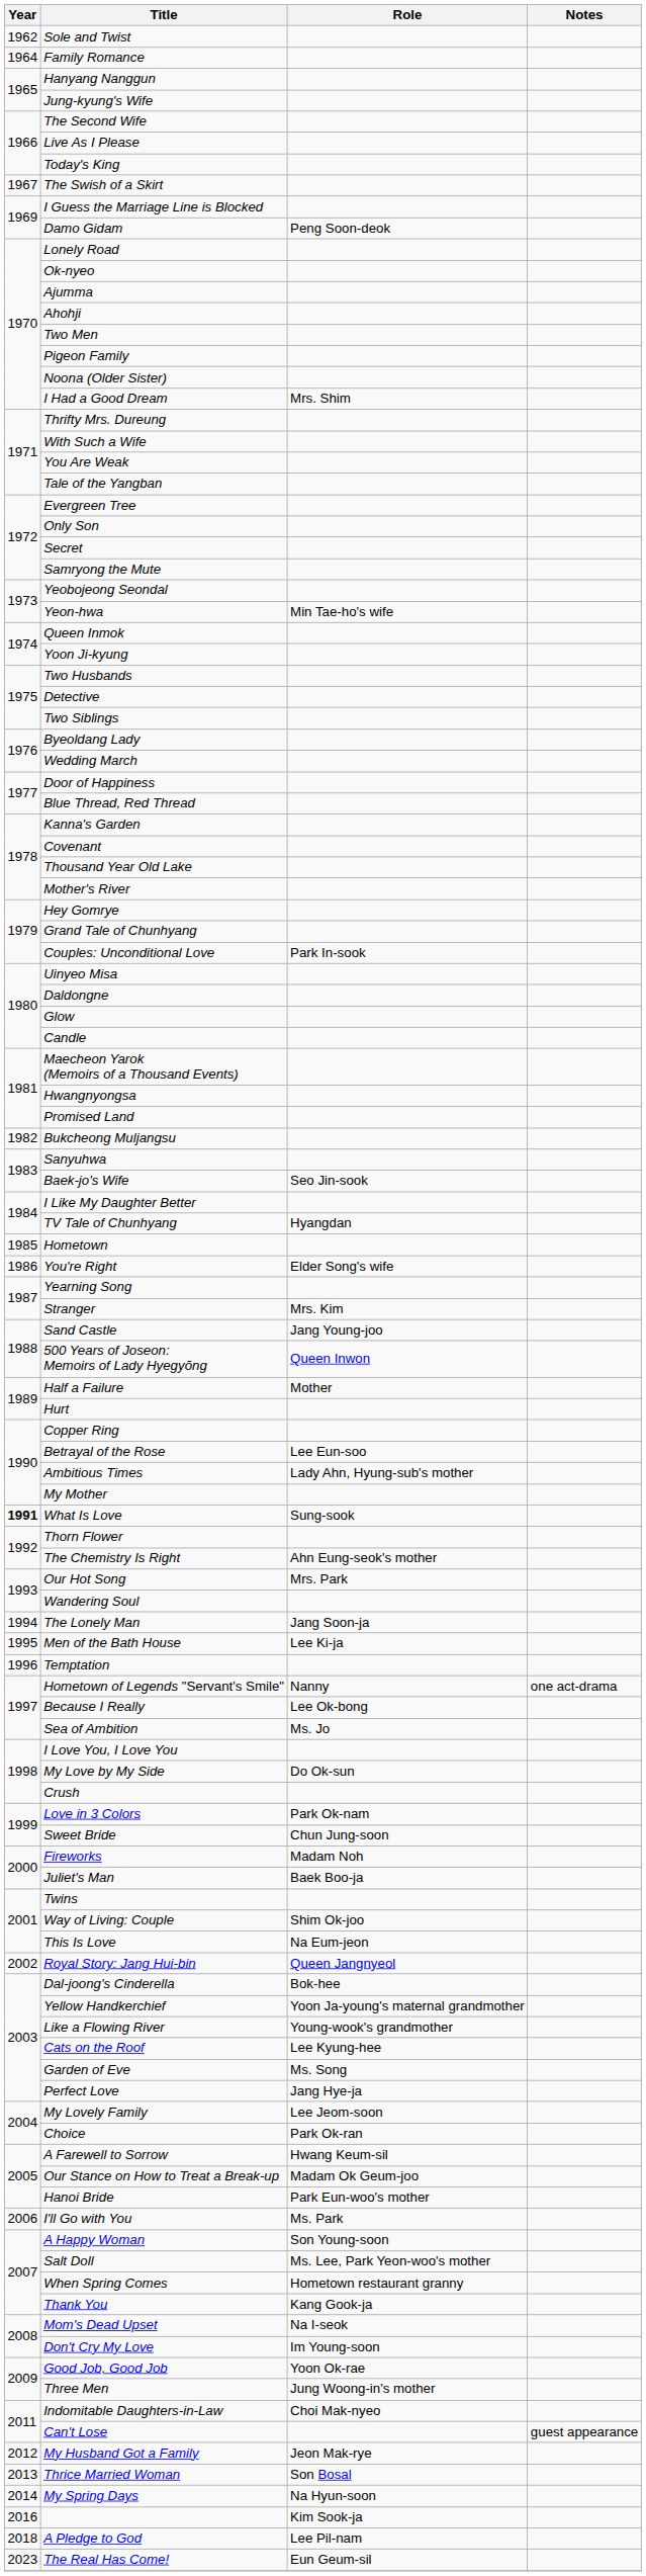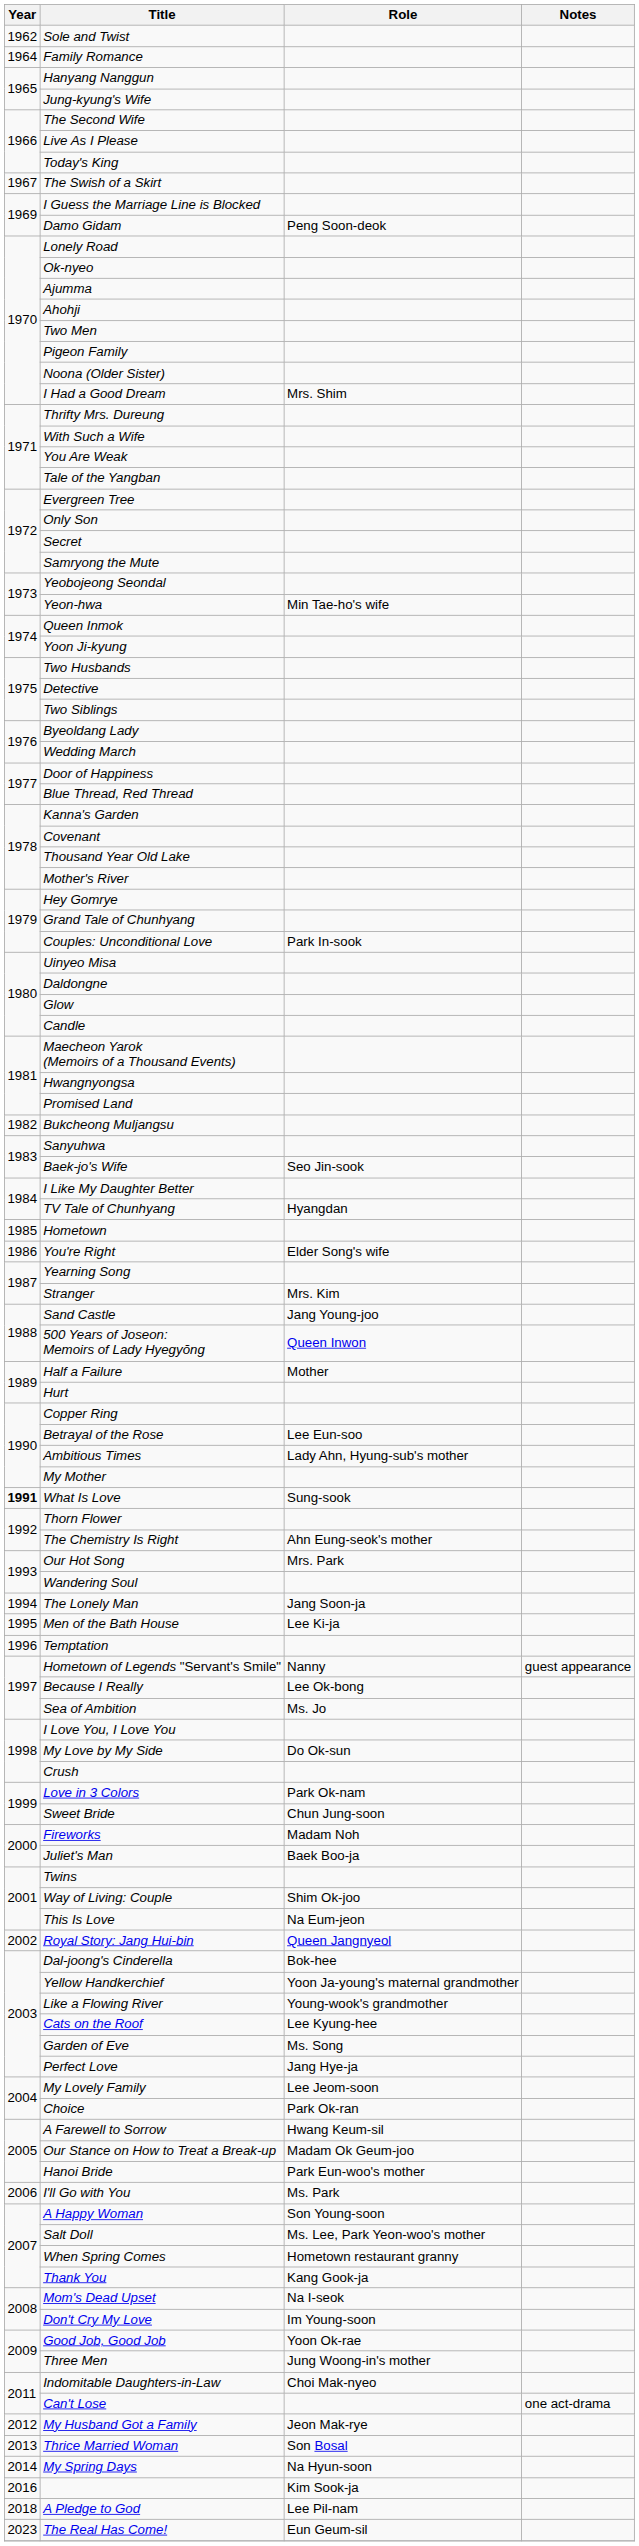 <table class="wikitable">
 <tr>
 <th>Year</th>
 <th>Title</th>
 <th>Role</th>
 <th>Notes</th>
 </tr>
 <tr>
 <td>1962</td>
 <td><em>Sole and Twist</em></td>
 <td></td>
 <td></td>
 </tr>
 <tr>
 <td>1964</td>
 <td><em>Family Romance</em></td>
 <td></td>
 <td></td>
 </tr>
 <tr>
 <td rowspan=2>1965</td>
 <td><em>Hanyang Nanggun</em></td>
 <td></td>
 <td></td>
 </tr>
 <tr>
 <td><em>Jung-kyung's Wife</em></td>
 <td></td>
 <td></td>
 </tr>
 <tr>
 <td rowspan=3>1966</td>
 <td><em>The Second Wife</em></td>
 <td></td>
 <td></td>
 </tr>
 <tr>
 <td><em>Live As I Please</em></td>
 <td></td>
 <td></td>
 </tr>
 <tr>
 <td><em>Today's King</em></td>
 <td></td>
 <td></td>
 </tr>
 <tr>
 <td>1967</td>
 <td><em>The Swish of a Skirt</em></td>
 <td></td>
 <td></td>
 </tr>
 <tr>
 <td rowspan=2>1969</td>
 <td><em>I Guess the Marriage Line is Blocked</em></td>
 <td></td>
 <td></td>
 </tr>
 <tr>
 <td><em>Damo Gidam</em></td>
 <td>Peng Soon-deok</td>
 <td></td>
 </tr>
 <tr>
 <td rowspan=8>1970</td>
 <td><em>Lonely Road</em></td>
 <td></td>
 <td></td>
 </tr>
 <tr>
 <td><em>Ok-nyeo</em></td>
 <td></td>
 <td></td>
 </tr>
 <tr>
 <td><em>Ajumma</em></td>
 <td></td>
 <td></td>
 </tr>
 <tr>
 <td><em>Ahohji</em></td>
 <td></td>
 <td></td>
 </tr>
 <tr>
 <td><em>Two Men</em></td>
 <td></td>
 <td></td>
 </tr>
 <tr>
 <td><em>Pigeon Family</em></td>
 <td></td>
 <td></td>
 </tr>
 <tr>
 <td><em>Noona (Older Sister)</em></td>
 <td></td>
 <td></td>
 </tr>
 <tr>
 <td><em>I Had a Good Dream</em></td>
 <td>Mrs. Shim</td>
 <td></td>
 </tr>
 <tr>
 <td rowspan=4>1971</td>
 <td><em>Thrifty Mrs. Dureung</em></td>
 <td></td>
 <td></td>
 </tr>
 <tr>
 <td><em>With Such a Wife</em></td>
 <td></td>
 <td></td>
 </tr>
 <tr>
 <td><em>You Are Weak</em></td>
 <td></td>
 <td></td>
 </tr>
 <tr>
 <td><em>Tale of the Yangban</em></td>
 <td></td>
 <td></td>
 </tr>
 <tr>
 <td rowspan=4>1972</td>
 <td><em>Evergreen Tree</em></td>
 <td></td>
 <td></td>
 </tr>
 <tr>
 <td><em>Only Son</em></td>
 <td></td>
 <td></td>
 </tr>
 <tr>
 <td><em>Secret</em></td>
 <td></td>
 <td></td>
 </tr>
 <tr>
 <td><em>Samryong the Mute</em></td>
 <td></td>
 <td></td>
 </tr>
 <tr>
 <td rowspan=2>1973</td>
 <td><em>Yeobojeong Seondal</em></td>
 <td></td>
 <td></td>
 </tr>
 <tr>
 <td><em>Yeon-hwa</em></td>
 <td>Min Tae-ho's wife</td>
 <td></td>
 </tr>
 <tr>
 <td rowspan=2>1974</td>
 <td><em>Queen Inmok</em></td>
 <td></td>
 <td></td>
 </tr>
 <tr>
 <td><em>Yoon Ji-kyung</em></td>
 <td></td>
 <td></td>
 </tr>
 <tr>
 <td rowspan=3>1975</td>
 <td><em>Two Husbands</em></td>
 <td></td>
 <td></td>
 </tr>
 <tr>
 <td><em>Detective</em></td>
 <td></td>
 <td></td>
 </tr>
 <tr>
 <td><em>Two Siblings</em></td>
 <td></td>
 <td></td>
 </tr>
 <tr>
 <td rowspan=2>1976</td>
 <td><em>Byeoldang Lady</em></td>
 <td></td>
 <td></td>
 </tr>
 <tr>
 <td><em>Wedding March</em></td>
 <td></td>
 <td></td>
 </tr>
 <tr>
 <td rowspan=2>1977</td>
 <td><em>Door of Happiness</em></td>
 <td></td>
 <td></td>
 </tr>
 <tr>
 <td><em>Blue Thread, Red Thread</em></td>
 <td></td>
 <td></td>
 </tr>
 <tr>
 <td rowspan=4>1978</td>
 <td><em>Kanna's Garden</em></td>
 <td></td>
 <td></td>
 </tr>
 <tr>
 <td><em>Covenant</em></td>
 <td></td>
 <td></td>
 </tr>
 <tr>
 <td><em>Thousand Year Old Lake</em></td>
 <td></td>
 <td></td>
 </tr>
 <tr>
 <td><em>Mother's River</em></td>
 <td></td>
 <td></td>
 </tr>
 <tr>
 <td rowspan=3>1979</td>
 <td><em>Hey Gomrye</em></td>
 <td></td>
 <td></td>
 </tr>
 <tr>
 <td><em>Grand Tale of Chunhyang</em></td>
 <td></td>
 <td></td>
 </tr>
 <tr>
 <td><em>Couples: Unconditional Love</em></td>
 <td>Park In-sook</td>
 <td></td>
 </tr>
 <tr>
 <td rowspan=4>1980</td>
 <td><em>Uinyeo Misa</em></td>
 <td></td>
 <td></td>
 </tr>
 <tr>
 <td><em>Daldongne</em></td>
 <td></td>
 <td></td>
 </tr>
 <tr>
 <td><em>Glow</em></td>
 <td></td>
 <td></td>
 </tr>
 <tr>
 <td><em>Candle</em></td>
 <td></td>
 <td></td>
 </tr>
 <tr>
 <td rowspan=3>1981</td>
 <td><em>Maecheon Yarok <br> (Memoirs of a Thousand Events)</em></td>
 <td></td>
 <td></td>
 </tr>
 <tr>
 <td><em>Hwangnyongsa</em></td>
 <td></td>
 <td></td>
 </tr>
 <tr>
 <td><em>Promised Land</em></td>
 <td></td>
 <td></td>
 </tr>
 <tr>
 <td>1982</td>
 <td><em>Bukcheong Muljangsu</em></td>
 <td></td>
 <td></td>
 </tr>
 <tr>
 <td rowspan=2>1983</td>
 <td><em>Sanyuhwa</em></td>
 <td></td>
 <td></td>
 </tr>
 <tr>
 <td><em>Baek-jo's Wife</em></td>
 <td>Seo Jin-sook</td>
 <td></td>
 </tr>
 <tr>
 <td rowspan=2>1984</td>
 <td><em>I Like My Daughter Better</em></td>
 <td></td>
 <td></td>
 </tr>
 <tr>
 <td><em>TV Tale of Chunhyang</em></td>
 <td>Hyangdan</td>
 <td></td>
 </tr>
 <tr>
 <td>1985</td>
 <td><em>Hometown</em></td>
 <td></td>
 <td></td>
 </tr>
 <tr>
 <td>1986</td>
 <td><em>You're Right</em></td>
 <td>Elder Song's wife</td>
 <td></td>
 </tr>
 <tr>
 <td rowspan=2>1987</td>
 <td><em>Yearning Song</em></td>
 <td></td>
 <td></td>
 </tr>
 <tr>
 <td><em>Stranger</em></td>
 <td>Mrs. Kim</td>
 <td></td>
 </tr>
 <tr>
 <td rowspan=2>1988</td>
 <td><em>Sand Castle</em></td>
 <td>Jang Young-joo</td>
 <td></td>
 </tr>
 <tr>
 <td><em>500 Years of Joseon: <br> Memoirs of Lady Hyegyŏng</em></td>
 <td><a href='#'>Queen Inwon</a></td>
 <td></td>
 </tr>
 <tr>
 <td rowspan=2>1989</td>
 <td><em>Half a Failure</em></td>
 <td>Mother</td>
 <td></td>
 </tr>
 <tr>
 <td><em>Hurt</em></td>
 <td></td>
 <td></td>
 </tr>
 <tr>
 <td rowspan=4>1990</td>
 <td><em>Copper Ring</em></td>
 <td></td>
 <td></td>
 </tr>
 <tr>
 <td><em>Betrayal of the Rose</em></td>
 <td>Lee Eun-soo</td>
 <td></td>
 </tr>
 <tr>
 <td><em>Ambitious Times</em></td>
 <td>Lady Ahn, Hyung-sub's mother</td>
 <td></td>
 </tr>
 <tr>
 <td><em>My Mother</em></td>
 <td></td>
 <td></td>
 </tr>
 <tr>
 <td><strong>1991</strong></td>
 <td><em>What Is Love</em></td>
 <td>Sung-sook</td>
 <td></td>
 </tr>
 <tr>
 <td rowspan=2>1992</td>
 <td><em>Thorn Flower</em></td>
 <td></td>
 <td></td>
 </tr>
 <tr>
 <td><em>The Chemistry Is Right</em></td>
 <td>Ahn Eung-seok's mother</td>
 <td></td>
 </tr>
 <tr>
 <td rowspan=2>1993</td>
 <td><em>Our Hot Song</em></td>
 <td>Mrs. Park</td>
 <td></td>
 </tr>
 <tr>
 <td><em>Wandering Soul</em></td>
 <td></td>
 <td></td>
 </tr>
 <tr>
 <td>1994</td>
 <td><em>The Lonely Man</em></td>
 <td>Jang Soon-ja</td>
 <td></td>
 </tr>
 <tr>
 <td>1995</td>
 <td><em>Men of the Bath House</em></td>
 <td>Lee Ki-ja</td>
 <td></td>
 </tr>
 <tr>
 <td>1996</td>
 <td><em>Temptation</em></td>
 <td></td>
 <td></td>
 </tr>
 <tr>
 <td rowspan=3>1997</td>
 <td><em>Hometown of Legends</em> "Servant's Smile"</td>
 <td>Nanny</td>
-<td>one act-drama</td>
+<td>guest appearance</td>
 </tr>
 <tr>
 <td><em>Because I Really</em></td>
 <td>Lee Ok-bong</td>
 <td></td>
 </tr>
 <tr>
 <td><em>Sea of Ambition</em></td>
 <td>Ms. Jo</td>
 <td></td>
 </tr>
 <tr>
 <td rowspan=3>1998</td>
 <td><em>I Love You, I Love You</em></td>
 <td></td>
 <td></td>
 </tr>
 <tr>
 <td><em>My Love by My Side</em></td>
 <td>Do Ok-sun</td>
 <td></td>
 </tr>
 <tr>
 <td><em>Crush</em></td>
 <td></td>
 <td></td>
 </tr>
 <tr>
 <td rowspan=2>1999</td>
 <td><em><a href='#'>Love in 3 Colors</a></em></td>
 <td>Park Ok-nam</td>
 <td></td>
 </tr>
 <tr>
 <td><em>Sweet Bride</em></td>
 <td>Chun Jung-soon</td>
 <td></td>
 </tr>
 <tr>
 <td rowspan=2>2000</td>
 <td><em><a href='#'>Fireworks</a></em></td>
 <td>Madam Noh</td>
 <td></td>
 </tr>
 <tr>
 <td><em>Juliet's Man</em></td>
 <td>Baek Boo-ja</td>
 <td></td>
 </tr>
 <tr>
 <td rowspan=3>2001</td>
 <td><em>Twins</em></td>
 <td></td>
 <td></td>
 </tr>
 <tr>
 <td><em>Way of Living: Couple</em></td>
 <td>Shim Ok-joo</td>
 <td></td>
 </tr>
 <tr>
 <td><em>This Is Love</em></td>
 <td>Na Eum-jeon</td>
 <td></td>
 </tr>
 <tr>
 <td>2002</td>
 <td><em><a href='#'>Royal Story: Jang Hui-bin</a></em></td>
 <td><a href='#'>Queen Jangnyeol</a></td>
 <td></td>
 </tr>
 <tr>
 <td rowspan=6>2003</td>
 <td><em>Dal-joong's Cinderella</em></td>
 <td>Bok-hee</td>
 <td></td>
 </tr>
 <tr>
 <td><em>Yellow Handkerchief</em></td>
 <td>Yoon Ja-young's maternal grandmother</td>
 <td></td>
 </tr>
 <tr>
 <td><em>Like a Flowing River</em></td>
 <td>Young-wook's grandmother</td>
 <td></td>
 </tr>
 <tr>
 <td><em><a href='#'>Cats on the Roof</a></em></td>
 <td>Lee Kyung-hee</td>
 <td></td>
 </tr>
 <tr>
 <td><em>Garden of Eve</em></td>
 <td>Ms. Song</td>
 <td></td>
 </tr>
 <tr>
 <td><em>Perfect Love</em></td>
 <td>Jang Hye-ja</td>
 <td></td>
 </tr>
 <tr>
 <td rowspan=2>2004</td>
 <td><em>My Lovely Family</em></td>
 <td>Lee Jeom-soon</td>
 <td></td>
 </tr>
 <tr>
 <td><em>Choice</em></td>
 <td>Park Ok-ran</td>
 <td></td>
 </tr>
 <tr>
 <td rowspan=3>2005</td>
 <td><em>A Farewell to Sorrow</em></td>
 <td>Hwang Keum-sil</td>
 <td></td>
 </tr>
 <tr>
 <td><em>Our Stance on How to Treat a Break-up</em></td>
 <td>Madam Ok Geum-joo</td>
 <td></td>
 </tr>
 <tr>
 <td><em>Hanoi Bride</em></td>
 <td>Park Eun-woo's mother</td>
 <td></td>
 </tr>
 <tr>
 <td>2006</td>
 <td><em>I'll Go with You</em></td>
 <td>Ms. Park</td>
 <td></td>
 </tr>
 <tr>
 <td rowspan=4>2007</td>
 <td><em><a href='#'>A Happy Woman</a></em></td>
 <td>Son Young-soon</td>
 <td></td>
 </tr>
 <tr>
 <td><em>Salt Doll</em></td>
 <td>Ms. Lee, Park Yeon-woo's mother</td>
 <td></td>
 </tr>
 <tr>
 <td><em>When Spring Comes</em></td>
 <td>Hometown restaurant granny</td>
 <td></td>
 </tr>
 <tr>
 <td><em><a href='#'>Thank You</a></em></td>
 <td>Kang Gook-ja</td>
 <td></td>
 </tr>
 <tr>
 <td rowspan=2>2008</td>
 <td><em><a href='#'>Mom's Dead Upset</a></em></td>
 <td>Na I-seok</td>
 <td></td>
 </tr>
 <tr>
 <td><em><a href='#'>Don't Cry My Love</a></em></td>
 <td>Im Young-soon</td>
 <td></td>
 </tr>
 <tr>
 <td rowspan=2>2009</td>
 <td><em><a href='#'>Good Job, Good Job</a></em></td>
 <td>Yoon Ok-rae</td>
 <td></td>
 </tr>
 <tr>
 <td><em>Three Men</em></td>
 <td>Jung Woong-in's mother</td>
 <td></td>
 </tr>
 <tr>
 <td rowspan=2>2011</td>
 <td><em>Indomitable Daughters-in-Law</em></td>
 <td>Choi Mak-nyeo</td>
 <td></td>
 </tr>
 <tr>
 <td><em><a href='#'>Can't Lose</a></em></td>
 <td></td>
-<td>guest appearance</td>
+<td>one act-drama</td>
 </tr>
 <tr>
 <td>2012</td>
 <td><em><a href='#'>My Husband Got a Family</a></em></td>
 <td>Jeon Mak-rye</td>
 <td></td>
 </tr>
 <tr>
 <td>2013</td>
 <td><em><a href='#'>Thrice Married Woman</a></em></td>
 <td>Son <a href='#'>Bosal</a></td>
 <td></td>
 </tr>
 <tr>
 <td>2014</td>
 <td><em><a href='#'>My Spring Days</a></em></td>
 <td>Na Hyun-soon</td>
 <td></td>
 </tr>
 <tr>
 <td>2016</td>
 <td><em></em></td>
 <td>Kim Sook-ja</td>
 <td></td>
 </tr>
 <tr>
 <td>2018</td>
 <td><em><a href='#'>A Pledge to God</a></em></td>
 <td>Lee Pil-nam</td>
 <td></td>
 </tr>
 <tr>
 <td>2023</td>
 <td><em><a href='#'>The Real Has Come!</a></em></td>
 <td>Eun Geum-sil</td>
 <td></td>
 </tr>
 <tr>
 </tr>
 </table>
